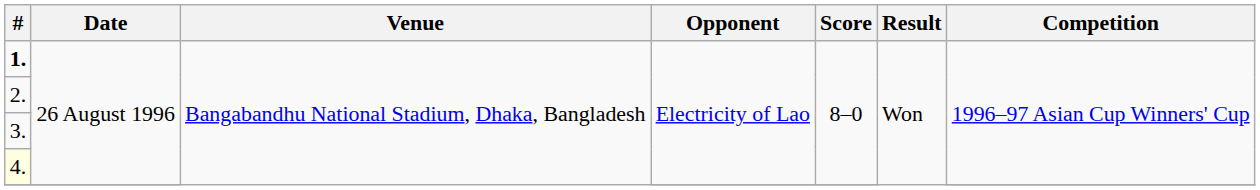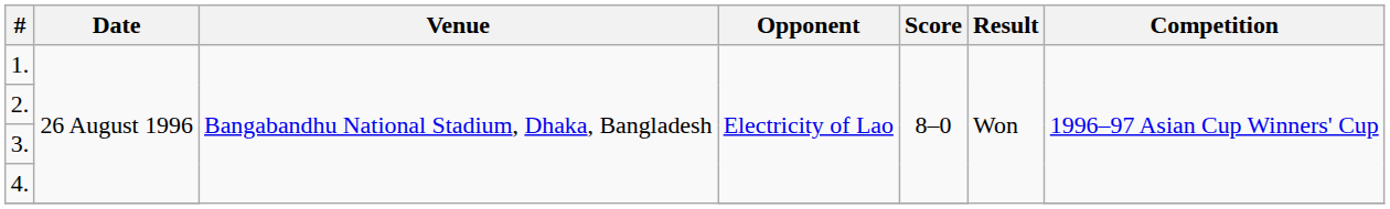 <table class="wikitable" style="font-size:95%">
 <tr>
 <th>#</th>
 <th>Date</th>
 <th>Venue</th>
 <th>Opponent</th>
 <th>Score</th>
 <th>Result</th>
 <th>Competition</th>
 </tr>
 <tr>
-<td><strong>1.</strong></td>
+<td>1.</td>
 <td rowspan=4>26 August 1996</td>
 <td rowspan=5><a href='#'>Bangabandhu National Stadium</a>, <a href='#'>Dhaka</a>, Bangladesh</td>
 <td rowspan=4> <a href='#'>Electricity of Lao</a></td>
 <td rowspan=4 align=center>8–0</td>
 <td rowspan=34>Won</td>
 <td rowspan=4><a href='#'>1996–97 Asian Cup Winners' Cup</a></td>
 </tr>
 <tr>
 <td>2.</td>
 </tr>
 <tr>
 <td>3.</td>
 </tr>
 <tr>
-<td style="background: lightyellow;">4.</td>
+<td>4.</td>
 </tr>
 <tr>
 </tr>
 </table>
